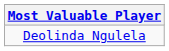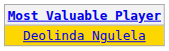 <table class=wikitable style="text-align:center; margin:auto">
 <tr>
 <th><a href='#'>Most Valuable Player</a></th>
 </tr>
 <tr>
-<td> <a href='#'>Deolinda Ngulela</a></td>
+<td style="background: gold;"> <a href='#'>Deolinda Ngulela</a></td>
 </tr>
 </table>
